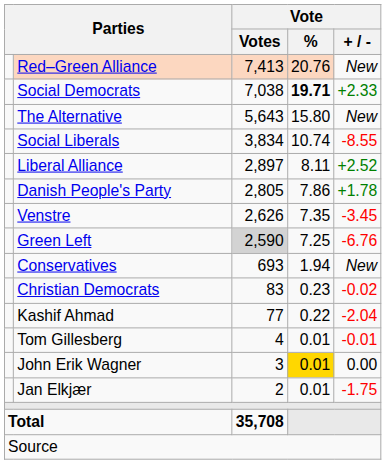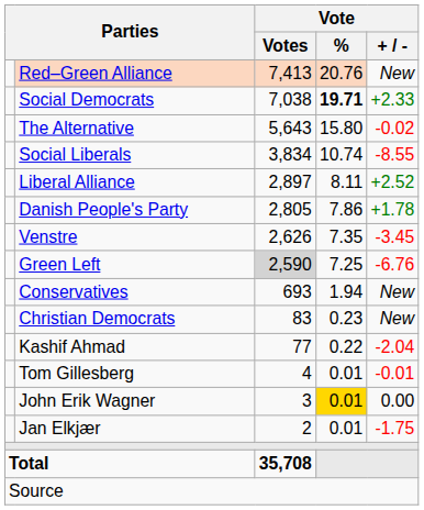 <table class="wikitable" style="text-align:right;">
 <tr>
 <th style="text-align:centre;" rowspan="2" colspan="2" width="225">Parties</th>
 <th colspan="3">Vote</th>
 </tr>
 <tr>
 <th width="15">Votes</th>
 <th width="15">%</th>
 <th width="15">+ / -</th>
 </tr>
 <tr>
 <td width="2" style="color:inherit;background:"></td>
 <td bgcolor=#fcd7c0  align="left"><a href='#'>Red–Green Alliance</a></td>
 <td bgcolor=#fcd7c0>7,413</td>
 <td bgcolor=#fcd7c0>20.76</td>
 <td><em>New</em></td>
 </tr>
 <tr>
 <td width="2" style="color:inherit;background:"></td>
 <td align="left"><a href='#'>Social Democrats</a></td>
 <td>7,038</td>
 <td><strong>19.71</strong></td>
 <td style=color:green;>+2.33</td>
 </tr>
 <tr>
 <td width="2" style="color:inherit;background:"></td>
 <td align="left"><a href='#'>The Alternative</a></td>
 <td>5,643</td>
 <td>15.80</td>
-<td><em>New</em></td>
+<td style=color:red;>-0.02</td>
 </tr>
 <tr>
 <td width="2" style="color:inherit;background:"></td>
 <td align="left"><a href='#'>Social Liberals</a></td>
 <td>3,834</td>
 <td>10.74</td>
 <td style=color:red;>-8.55</td>
 </tr>
 <tr>
 <td width="2" style="color:inherit;background:"></td>
 <td align="left"><a href='#'>Liberal Alliance</a></td>
 <td>2,897</td>
 <td>8.11</td>
 <td style=color:green;>+2.52</td>
 </tr>
 <tr>
 <td width="2" style="color:inherit;background:"></td>
 <td align="left"><a href='#'>Danish People's Party</a></td>
 <td>2,805</td>
 <td>7.86</td>
 <td style=color:green;>+1.78</td>
 </tr>
 <tr>
 <td width="2" style="color:inherit;background:"></td>
 <td align="left"><a href='#'>Venstre</a></td>
 <td>2,626</td>
 <td>7.35</td>
 <td style=color:red;>-3.45</td>
 </tr>
 <tr>
 <td width="2" style="color:inherit;background:"></td>
 <td align="left"><a href='#'>Green Left</a></td>
 <td style="background: lightgrey;">2,590</td>
 <td>7.25</td>
 <td style=color:red;>-6.76</td>
 </tr>
 <tr>
 <td width="2" style="color:inherit;background:"></td>
 <td align="left"><a href='#'>Conservatives</a></td>
 <td>693</td>
 <td>1.94</td>
 <td><em>New</em></td>
 </tr>
 <tr>
 <td width="2" style="color:inherit;background:"></td>
 <td align="left"><a href='#'>Christian Democrats</a></td>
 <td>83</td>
 <td>0.23</td>
-<td style=color:red;>-0.02</td>
+<td><em>New</em></td>
 </tr>
 <tr>
 <td width="2" style="color:inherit;background:"></td>
 <td align="left">Kashif Ahmad</td>
 <td>77</td>
 <td>0.22</td>
 <td style=color:red;>-2.04</td>
 </tr>
 <tr>
 <td width="2" style="color:inherit;background:"></td>
 <td align="left">Tom Gillesberg</td>
 <td>4</td>
 <td>0.01</td>
 <td style=color:red;>-0.01</td>
 </tr>
 <tr>
 <td width="2" style="color:inherit;background:"></td>
 <td align="left">John Erik Wagner</td>
 <td>3</td>
 <td style="background: gold;">0.01</td>
 <td>0.00</td>
 </tr>
 <tr>
 <td width="2" style="color:inherit;background:"></td>
 <td align="left">Jan Elkjær</td>
 <td>2</td>
 <td>0.01</td>
 <td style=color:red;>-1.75</td>
 </tr>
 <tr>
 <td colspan="7" bgcolor="#E9E9E9"></td>
 </tr>
 <tr>
 <td align="left" colspan="2"><strong>Total</strong></td>
 <td><strong>35,708</strong></td>
 <td bgcolor="#E9E9E9" colspan="2"></td>
 </tr>
 <tr>
 <td align="left" colspan="6">Source</td>
 </tr>
 </table>
